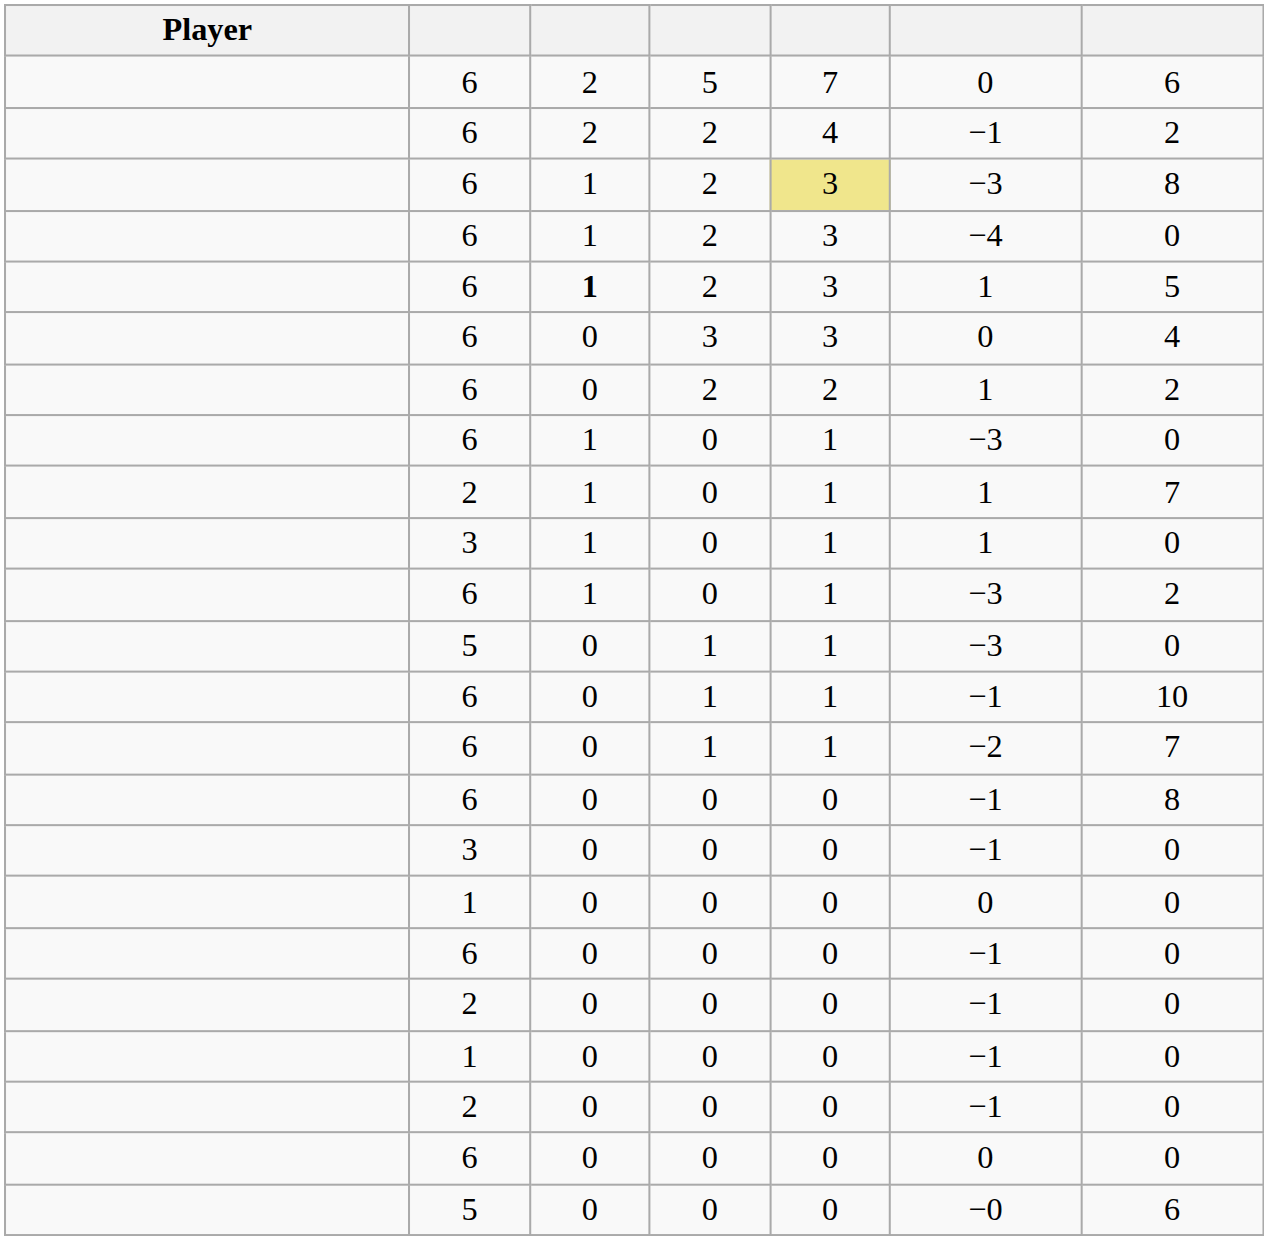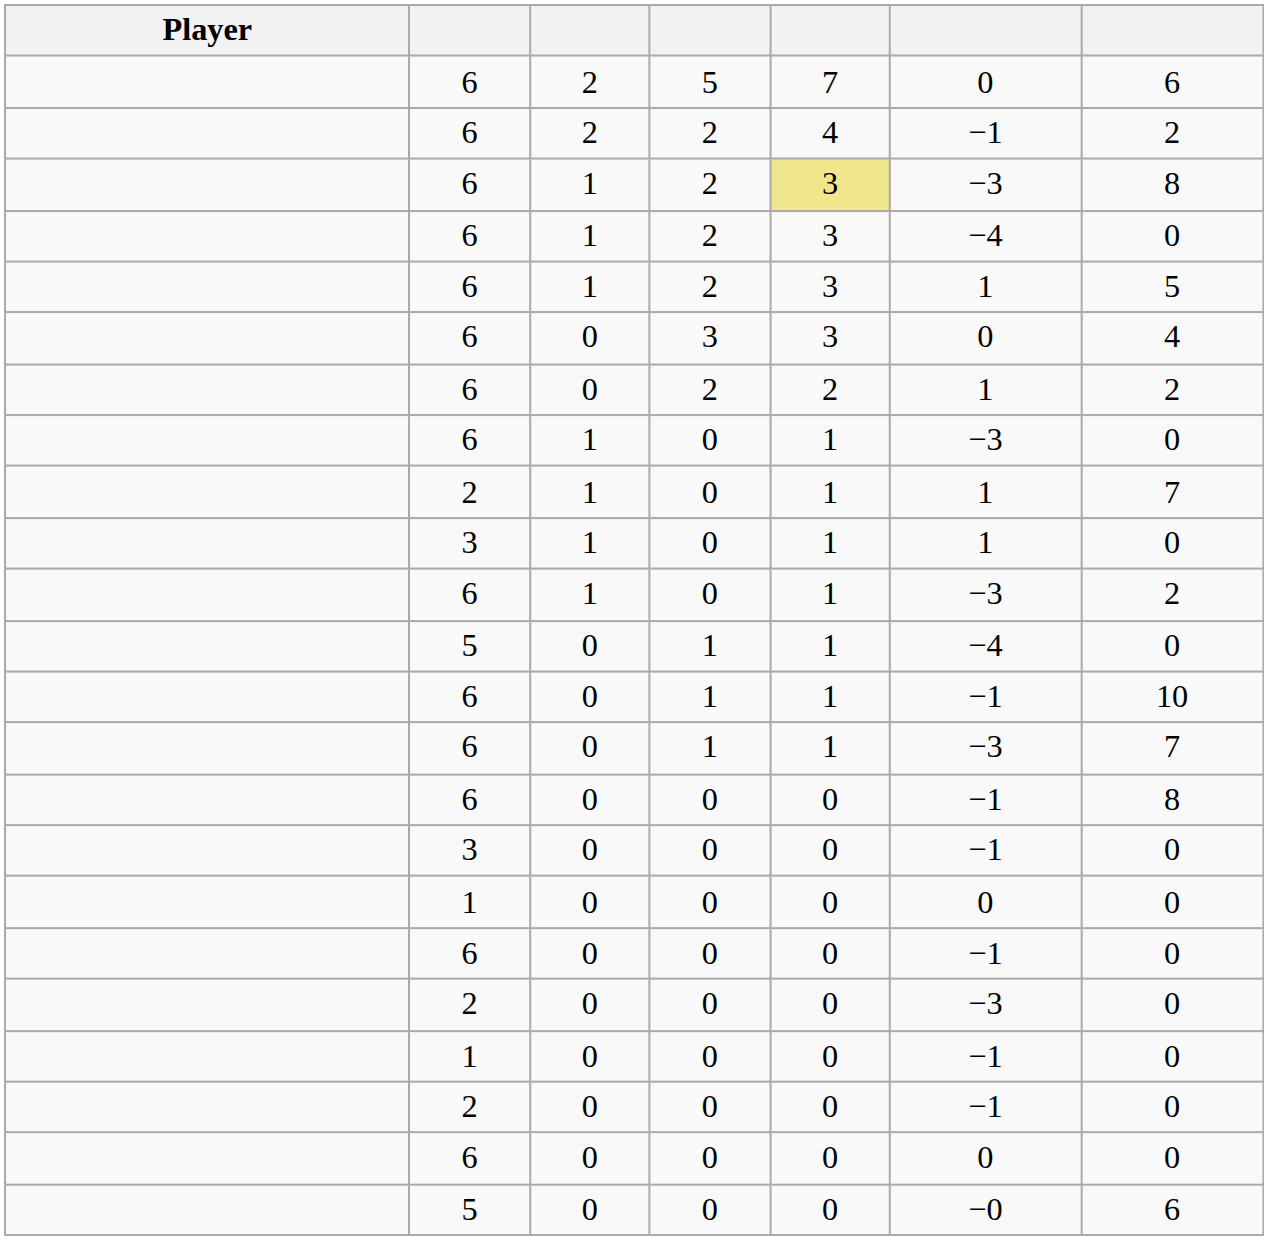 <table class="wikitable sortable" style="width:100%; text-align:center;">
 <tr>
 <th>Player</th>
 <th></th>
 <th></th>
 <th></th>
 <th></th>
 <th data-sort-type="number"></th>
 <th></th>
 </tr>
 <tr>
 <td></td>
 <td>6</td>
 <td>2</td>
 <td>5</td>
 <td>7</td>
 <td>0</td>
 <td>6</td>
 </tr>
 <tr>
 <td></td>
 <td>6</td>
 <td>2</td>
 <td>2</td>
 <td>4</td>
 <td>−1</td>
 <td>2</td>
 </tr>
 <tr>
 <td></td>
 <td>6</td>
 <td>1</td>
 <td>2</td>
 <td style="background: khaki;">3</td>
 <td>−3</td>
 <td>8</td>
 </tr>
 <tr>
 <td></td>
 <td>6</td>
 <td>1</td>
 <td>2</td>
 <td>3</td>
 <td>−4</td>
 <td>0</td>
 </tr>
 <tr>
 <td></td>
 <td>6</td>
-<td><strong>1</strong></td>
+<td>1</td>
 <td>2</td>
 <td>3</td>
 <td>1</td>
 <td>5</td>
 </tr>
 <tr>
 <td></td>
 <td>6</td>
 <td>0</td>
 <td>3</td>
 <td>3</td>
 <td>0</td>
 <td>4</td>
 </tr>
 <tr>
 <td></td>
 <td>6</td>
 <td>0</td>
 <td>2</td>
 <td>2</td>
 <td>1</td>
 <td>2</td>
 </tr>
 <tr>
 <td></td>
 <td>6</td>
 <td>1</td>
 <td>0</td>
 <td>1</td>
 <td>−3</td>
 <td>0</td>
 </tr>
 <tr>
 <td></td>
 <td>2</td>
 <td>1</td>
 <td>0</td>
 <td>1</td>
 <td>1</td>
 <td>7</td>
 </tr>
 <tr>
 <td></td>
 <td>3</td>
 <td>1</td>
 <td>0</td>
 <td>1</td>
 <td>1</td>
 <td>0</td>
 </tr>
 <tr>
 <td></td>
 <td>6</td>
 <td>1</td>
 <td>0</td>
 <td>1</td>
 <td>−3</td>
 <td>2</td>
 </tr>
 <tr>
 <td></td>
 <td>5</td>
 <td>0</td>
 <td>1</td>
 <td>1</td>
-<td>−3</td>
+<td>−4</td>
 <td>0</td>
 </tr>
 <tr>
 <td></td>
 <td>6</td>
 <td>0</td>
 <td>1</td>
 <td>1</td>
 <td>−1</td>
 <td>10</td>
 </tr>
 <tr>
 <td></td>
 <td>6</td>
 <td>0</td>
 <td>1</td>
 <td>1</td>
-<td>−2</td>
+<td>−3</td>
 <td>7</td>
 </tr>
 <tr>
 <td></td>
 <td>6</td>
 <td>0</td>
 <td>0</td>
 <td>0</td>
 <td>−1</td>
 <td>8</td>
 </tr>
 <tr>
 <td></td>
 <td>3</td>
 <td>0</td>
 <td>0</td>
 <td>0</td>
 <td>−1</td>
 <td>0</td>
 </tr>
 <tr>
 <td></td>
 <td>1</td>
 <td>0</td>
 <td>0</td>
 <td>0</td>
 <td>0</td>
 <td>0</td>
 </tr>
 <tr>
 <td></td>
 <td>6</td>
 <td>0</td>
 <td>0</td>
 <td>0</td>
 <td>−1</td>
 <td>0</td>
 </tr>
 <tr>
 <td></td>
 <td>2</td>
 <td>0</td>
 <td>0</td>
 <td>0</td>
-<td>−1</td>
+<td>−3</td>
 <td>0</td>
 </tr>
 <tr>
 <td></td>
 <td>1</td>
 <td>0</td>
 <td>0</td>
 <td>0</td>
 <td>−1</td>
 <td>0</td>
 </tr>
 <tr>
 <td></td>
 <td>2</td>
 <td>0</td>
 <td>0</td>
 <td>0</td>
 <td>−1</td>
 <td>0</td>
 </tr>
 <tr>
 <td></td>
 <td>6</td>
 <td>0</td>
 <td>0</td>
 <td>0</td>
 <td>0</td>
 <td>0</td>
 </tr>
 <tr>
 <td></td>
 <td>5</td>
 <td>0</td>
 <td>0</td>
 <td>0</td>
 <td>−0</td>
 <td>6</td>
 </tr>
 <tr>
 </tr>
 </table>
